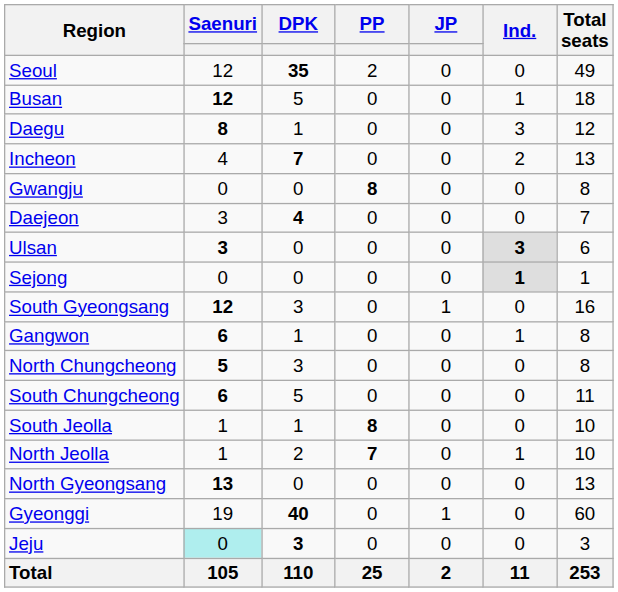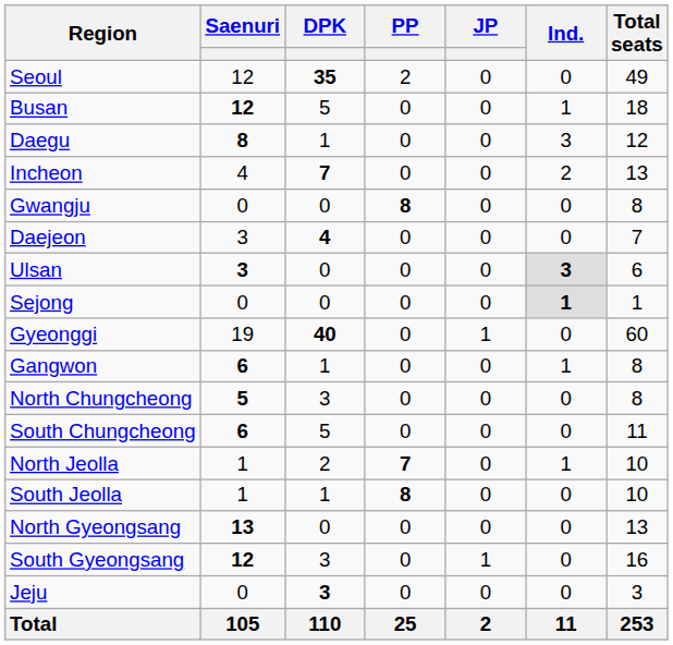 <table class="wikitable nowrap sortable" style="text-align:center; font-size:90%">
 <tr>
 <th rowspan="2">Region</th>
 <th style="width:50px" class="unsortable"><a href='#'>Saenuri</a></th>
 <th style="width:50px" class="unsortable"><a href='#'>DPK</a></th>
 <th style="width:50px" class="unsortable"><a href='#'>PP</a></th>
 <th style="width:50px" class="unsortable"><a href='#'>JP</a></th>
 <th rowspan="2" style="width:50px" class="unsortable"><a href='#'>Ind.</a></th>
 <th rowspan="2">Total<br>seats</th>
 </tr>
 <tr>
 <th style="background:"></th>
 <th style="background:"></th>
 <th style="background:"></th>
 <th style="background:"></th>
 </tr>
 <tr>
 <td style="text-align:left"><a href='#'>Seoul</a></td>
 <td>12</td>
 <td><strong>35</strong></td>
 <td>2</td>
 <td>0</td>
 <td>0</td>
 <td>49</td>
 </tr>
 <tr>
 <td style="text-align:left"><a href='#'>Busan</a></td>
 <td><strong>12</strong></td>
 <td>5</td>
 <td>0</td>
 <td>0</td>
 <td>1</td>
 <td>18</td>
 </tr>
 <tr>
 <td style="text-align:left"><a href='#'>Daegu</a></td>
 <td><strong>8</strong></td>
 <td>1</td>
 <td>0</td>
 <td>0</td>
 <td>3</td>
 <td>12</td>
 </tr>
 <tr>
 <td style="text-align:left"><a href='#'>Incheon</a></td>
 <td>4</td>
 <td><strong>7</strong></td>
 <td>0</td>
 <td>0</td>
 <td>2</td>
 <td>13</td>
 </tr>
 <tr>
 <td style="text-align:left"><a href='#'>Gwangju</a></td>
 <td>0</td>
 <td>0</td>
 <td><strong>8</strong></td>
 <td>0</td>
 <td>0</td>
 <td>8</td>
 </tr>
 <tr>
 <td style="text-align:left"><a href='#'>Daejeon</a></td>
 <td>3</td>
 <td><strong>4</strong></td>
 <td>0</td>
 <td>0</td>
 <td>0</td>
 <td>7</td>
 </tr>
 <tr>
 <td style="text-align:left"><a href='#'>Ulsan</a></td>
 <td><strong>3</strong></td>
 <td>0</td>
 <td>0</td>
 <td>0</td>
 <td bgcolor=#DEDEDE><strong>3</strong></td>
 <td>6</td>
 </tr>
 <tr>
 <td style="text-align:left"><a href='#'>Sejong</a></td>
 <td>0</td>
 <td>0</td>
 <td>0</td>
 <td>0</td>
 <td bgcolor=#DEDEDE><strong>1</strong></td>
 <td>1</td>
 </tr>
 <tr>
-<td style="text-align:left" data-sort-value="Gyeongsang S"><a href='#'>South Gyeongsang</a></td>
-<td><strong>12</strong></td>
-<td>3</td>
+<td style="text-align:left"><a href='#'>Gyeonggi</a></td>
+<td>19</td>
+<td><strong>40</strong></td>
 <td>0</td>
 <td>1</td>
 <td>0</td>
-<td>16</td>
+<td>60</td>
 </tr>
 <tr>
 <td style="text-align:left"><a href='#'>Gangwon</a></td>
 <td><strong>6</strong></td>
 <td>1</td>
 <td>0</td>
 <td>0</td>
 <td>1</td>
 <td>8</td>
 </tr>
 <tr>
 <td style="text-align:left" data-sort-value="Chungcheong N"><a href='#'>North Chungcheong</a></td>
 <td><strong>5</strong></td>
 <td>3</td>
 <td>0</td>
 <td>0</td>
 <td>0</td>
 <td>8</td>
 </tr>
 <tr>
 <td style="text-align:left" data-sort-value="Chungcheong S"><a href='#'>South Chungcheong</a></td>
 <td><strong>6</strong></td>
 <td>5</td>
 <td>0</td>
 <td>0</td>
 <td>0</td>
 <td>11</td>
 </tr>
 <tr>
+<td style="text-align:left" data-sort-value="Jeolla N"><a href='#'>North Jeolla</a></td>
+<td>1</td>
+<td>2</td>
+<td><strong>7</strong></td>
+<td>0</td>
+<td>1</td>
+<td>10</td>
+</tr>
+<tr>
 <td style="text-align:left" data-sort-value="Jeolla S"><a href='#'>South Jeolla</a></td>
 <td>1</td>
 <td>1</td>
 <td><strong>8</strong></td>
 <td>0</td>
 <td>0</td>
-<td>10</td>
-</tr>
-<tr>
-<td style="text-align:left" data-sort-value="Jeolla N"><a href='#'>North Jeolla</a></td>
-<td>1</td>
-<td>2</td>
-<td><strong>7</strong></td>
-<td>0</td>
-<td>1</td>
 <td>10</td>
 </tr>
 <tr>
 <td style="text-align:left" data-sort-value="Gyeongsang N"><a href='#'>North Gyeongsang</a></td>
 <td><strong>13</strong></td>
 <td>0</td>
 <td>0</td>
 <td>0</td>
 <td>0</td>
 <td>13</td>
 </tr>
 <tr>
-<td style="text-align:left"><a href='#'>Gyeonggi</a></td>
-<td>19</td>
-<td><strong>40</strong></td>
+<td style="text-align:left" data-sort-value="Gyeongsang S"><a href='#'>South Gyeongsang</a></td>
+<td><strong>12</strong></td>
+<td>3</td>
 <td>0</td>
 <td>1</td>
 <td>0</td>
-<td>60</td>
+<td>16</td>
 </tr>
 <tr>
 <td style="text-align:left"><a href='#'>Jeju</a></td>
-<td style="background: paleturquoise;">0</td>
+<td>0</td>
 <td><strong>3</strong></td>
 <td>0</td>
 <td>0</td>
 <td>0</td>
 <td>3</td>
 </tr>
 <tr class="sortbottom">
 <th style="text-align:left">Total</th>
 <th>105</th>
 <th>110</th>
 <th>25</th>
 <th>2</th>
 <th>11</th>
 <th>253</th>
 </tr>
 </table>
